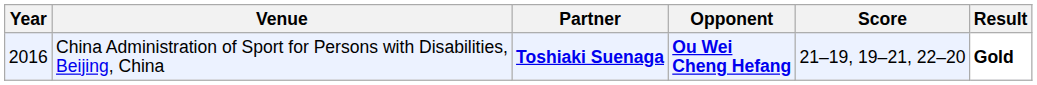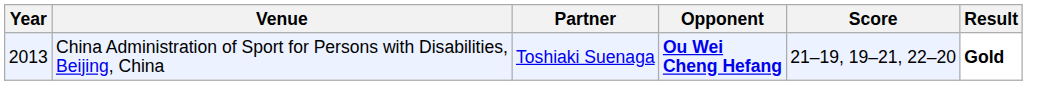 <table class="sortable wikitable" style="font-size: 90%;">
 <tr>
 <th>Year</th>
 <th>Venue</th>
 <th>Partner</th>
 <th>Opponent</th>
 <th>Score</th>
 <th>Result</th>
 </tr>
 <tr style="background:#ECF2FF">
-<td align="center">2016</td>
+<td align="center">2013</td>
 <td align="left">China Administration of Sport for Persons with Disabilities,<br><a href='#'>Beijing</a>, China</td>
-<td><strong> <a href='#'>Toshiaki Suenaga</a></strong></td>
+<td> <a href='#'>Toshiaki Suenaga</a></td>
 <td align="left"><strong> <a href='#'>Ou Wei</a><br>  <a href='#'>Cheng Hefang</a></strong></td>
 <td align="left">21–19, 19–21, 22–20</td>
 <td style="text-align:left; background:white"> <strong>Gold</strong></td>
 </tr>
 </table>
